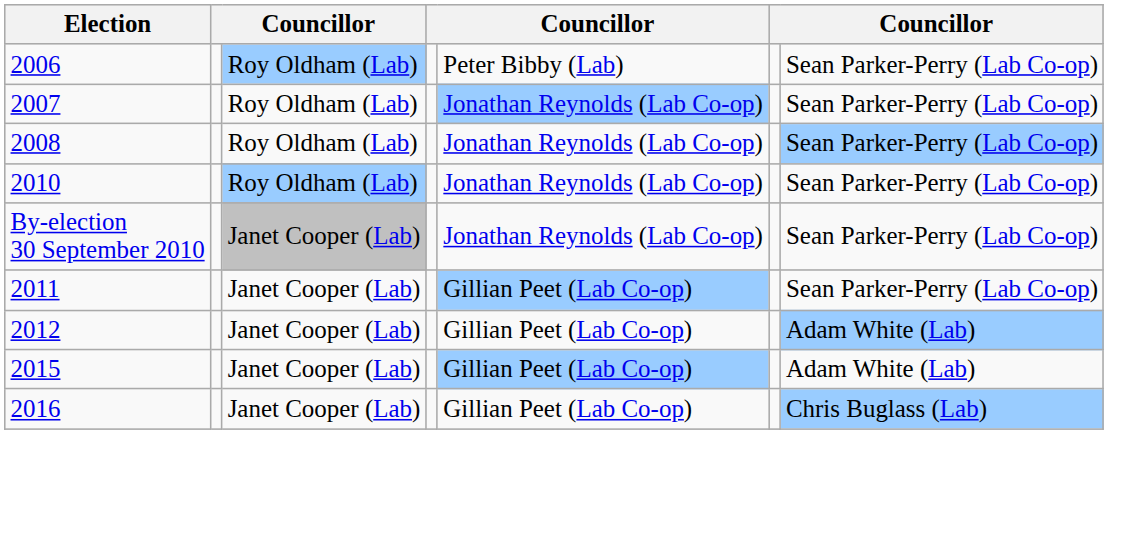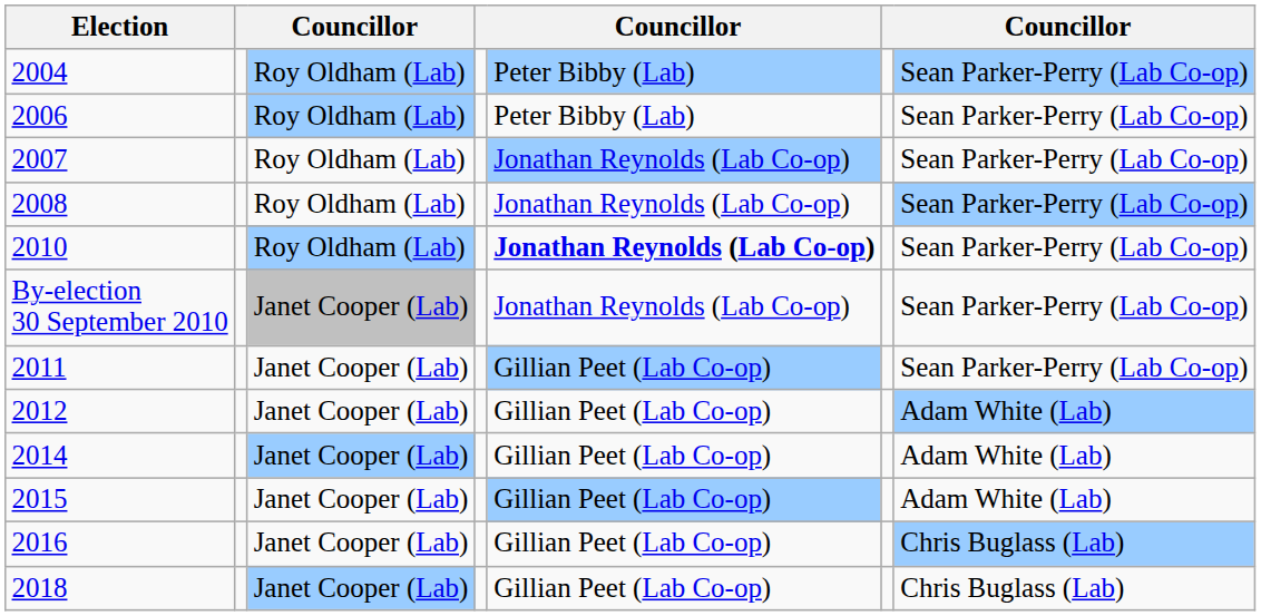 <table class="wikitable">
 <tr>
 <th>Election</th>
 <th colspan="2">Councillor</th>
 <th colspan="2">Councillor</th>
 <th colspan="2">Councillor</th>
+</tr>
+<tr>
+<td><a href='#'>2004</a></td>
+<td style="background-color: "></td>
+<td bgcolor="#99CCFF">Roy Oldham (<a href='#'>Lab</a>)</td>
+<td style="background-color: "></td>
+<td bgcolor="#99CCFF">Peter Bibby (<a href='#'>Lab</a>)</td>
+<td style="background-color: "></td>
+<td bgcolor="#99CCFF">Sean Parker-Perry (<a href='#'>Lab Co-op</a>)</td>
 </tr>
 <tr>
 <td><a href='#'>2006</a></td>
 <td style="background-color: "></td>
 <td bgcolor="#99CCFF">Roy Oldham (<a href='#'>Lab</a>)</td>
 <td style="background-color: "></td>
 <td>Peter Bibby (<a href='#'>Lab</a>)</td>
 <td style="background-color: "></td>
 <td>Sean Parker-Perry (<a href='#'>Lab Co-op</a>)</td>
 </tr>
 <tr>
 <td><a href='#'>2007</a></td>
 <td style="background-color: "></td>
 <td>Roy Oldham (<a href='#'>Lab</a>)</td>
 <td style="background-color: "></td>
 <td bgcolor="#99CCFF"><a href='#'>Jonathan Reynolds</a> (<a href='#'>Lab Co-op</a>)</td>
 <td style="background-color: "></td>
 <td>Sean Parker-Perry (<a href='#'>Lab Co-op</a>)</td>
 </tr>
 <tr>
 <td><a href='#'>2008</a></td>
 <td style="background-color: "></td>
 <td>Roy Oldham (<a href='#'>Lab</a>)</td>
 <td style="background-color: "></td>
 <td><a href='#'>Jonathan Reynolds</a> (<a href='#'>Lab Co-op</a>)</td>
 <td style="background-color: "></td>
 <td bgcolor="#99CCFF">Sean Parker-Perry (<a href='#'>Lab Co-op</a>)</td>
 </tr>
 <tr>
 <td><a href='#'>2010</a></td>
 <td style="background-color: "></td>
 <td bgcolor="#99CCFF">Roy Oldham (<a href='#'>Lab</a>)</td>
 <td style="background-color: "></td>
-<td><a href='#'>Jonathan Reynolds</a> (<a href='#'>Lab Co-op</a>)</td>
+<td><strong><a href='#'>Jonathan Reynolds</a> (<a href='#'>Lab Co-op</a>)</strong></td>
 <td style="background-color: "></td>
 <td>Sean Parker-Perry (<a href='#'>Lab Co-op</a>)</td>
 </tr>
 <tr>
 <td><a href='#'>By-election<br>30 September 2010</a></td>
 <td style="background-color: "></td>
 <td bgcolor="#C0C0C0">Janet Cooper (<a href='#'>Lab</a>)</td>
 <td style="background-color: "></td>
 <td><a href='#'>Jonathan Reynolds</a> (<a href='#'>Lab Co-op</a>)</td>
 <td style="background-color: "></td>
 <td>Sean Parker-Perry (<a href='#'>Lab Co-op</a>)</td>
 </tr>
 <tr>
 <td><a href='#'>2011</a></td>
 <td style="background-color: "></td>
 <td>Janet Cooper (<a href='#'>Lab</a>)</td>
 <td style="background-color: "></td>
 <td bgcolor="#99CCFF">Gillian Peet (<a href='#'>Lab Co-op</a>)</td>
 <td style="background-color: "></td>
 <td>Sean Parker-Perry (<a href='#'>Lab Co-op</a>)</td>
 </tr>
 <tr>
 <td><a href='#'>2012</a></td>
 <td style="background-color: "></td>
 <td>Janet Cooper (<a href='#'>Lab</a>)</td>
 <td style="background-color: "></td>
 <td>Gillian Peet (<a href='#'>Lab Co-op</a>)</td>
 <td style="background-color: "></td>
 <td bgcolor="#99CCFF">Adam White (<a href='#'>Lab</a>)</td>
 </tr>
 <tr>
+<td><a href='#'>2014</a></td>
+<td style="background-color: "></td>
+<td bgcolor="#99CCFF">Janet Cooper (<a href='#'>Lab</a>)</td>
+<td style="background-color: "></td>
+<td>Gillian Peet (<a href='#'>Lab Co-op</a>)</td>
+<td style="background-color: "></td>
+<td>Adam White (<a href='#'>Lab</a>)</td>
+</tr>
+<tr>
 <td><a href='#'>2015</a></td>
 <td style="background-color: "></td>
 <td>Janet Cooper (<a href='#'>Lab</a>)</td>
 <td style="background-color: "></td>
 <td bgcolor="#99CCFF">Gillian Peet (<a href='#'>Lab Co-op</a>)</td>
 <td style="background-color: "></td>
 <td>Adam White (<a href='#'>Lab</a>)</td>
 </tr>
 <tr>
 <td><a href='#'>2016</a></td>
 <td style="background-color: "></td>
 <td>Janet Cooper (<a href='#'>Lab</a>)</td>
 <td style="background-color: "></td>
 <td>Gillian Peet (<a href='#'>Lab Co-op</a>)</td>
 <td style="background-color: "></td>
 <td bgcolor="#99CCFF">Chris Buglass (<a href='#'>Lab</a>)</td>
 </tr>
+<tr>
+<td><a href='#'>2018</a></td>
+<td style="background-color: "></td>
+<td bgcolor="#99CCFF">Janet Cooper (<a href='#'>Lab</a>)</td>
+<td style="background-color: "></td>
+<td>Gillian Peet (<a href='#'>Lab Co-op</a>)</td>
+<td style="background-color: "></td>
+<td>Chris Buglass (<a href='#'>Lab</a>)</td>
+</tr>
 </table>
